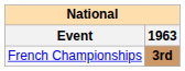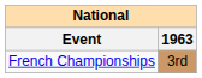 <table class="wikitable" style="text-align:center">
 <tr>
 <th style="background-color: #ffdead; " colspan=2 align=center>National</th>
 </tr>
 <tr>
 <th>Event</th>
 <th>1963</th>
 </tr>
 <tr>
 <td align=left><a href='#'>French Championships</a></td>
-<td bgcolor=cc9966><strong>3rd</strong></td>
+<td bgcolor=cc9966>3rd</td>
 </tr>
 </table>
